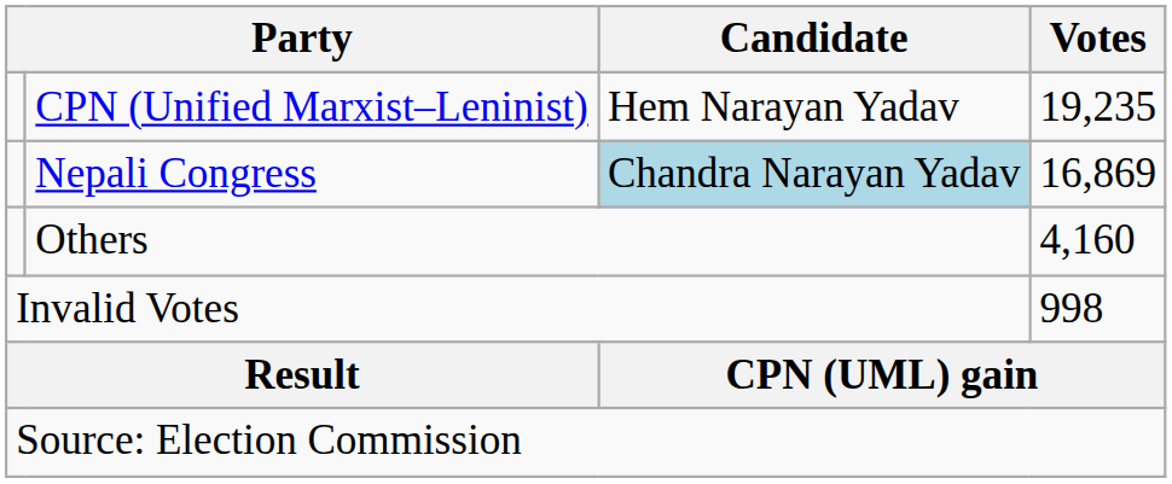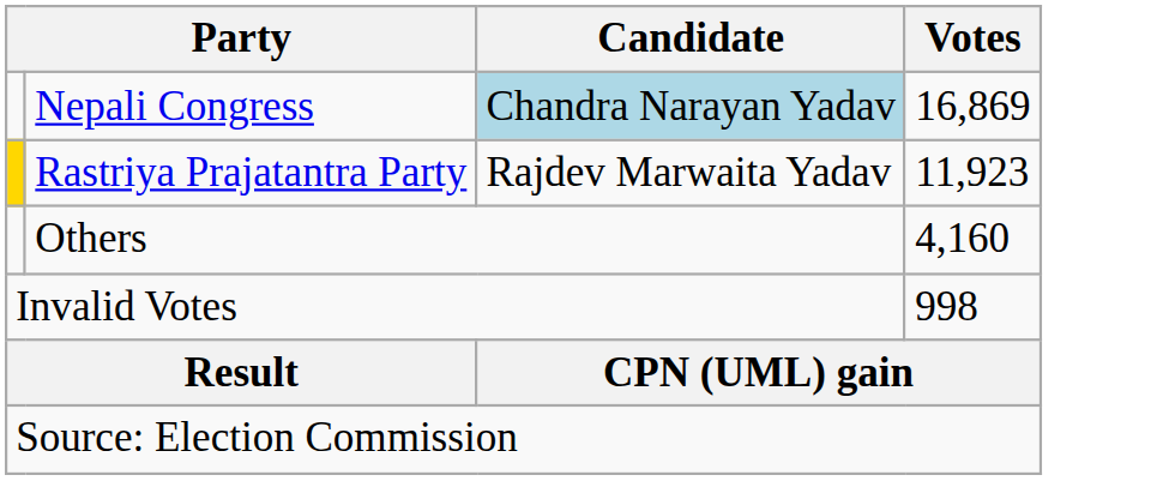 <table class="wikitable">
 <tr>
 <th colspan="2">Party</th>
 <th>Candidate</th>
 <th>Votes</th>
 </tr>
 <tr>
 <td style="background-color:"></td>
-<td><a href='#'>CPN (Unified Marxist–Leninist)</a></td>
-<td>Hem Narayan Yadav</td>
-<td>19,235</td>
-</tr>
-<tr>
-<td style="background-color:"></td>
 <td><a href='#'>Nepali Congress</a></td>
 <td style="background: lightblue;">Chandra Narayan Yadav</td>
 <td>16,869</td>
+</tr>
+<tr>
+<td style="background-color:gold"></td>
+<td><a href='#'>Rastriya Prajatantra Party</a></td>
+<td>Rajdev Marwaita Yadav</td>
+<td>11,923</td>
 </tr>
 <tr>
 <td></td>
 <td colspan="2">Others</td>
 <td>4,160</td>
 </tr>
 <tr>
 <td colspan="3">Invalid Votes</td>
 <td>998</td>
 </tr>
 <tr>
 <th colspan="2">Result</th>
 <th colspan="2">CPN (UML) gain</th>
 </tr>
 <tr>
 <td colspan="4">Source: Election Commission</td>
 </tr>
 </table>
